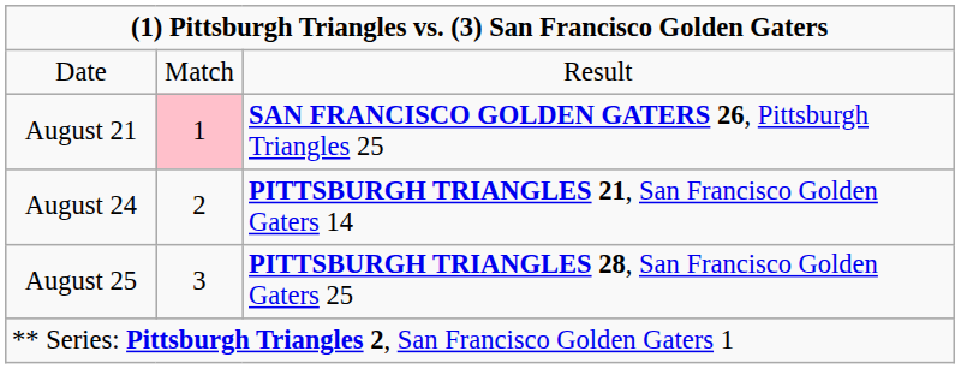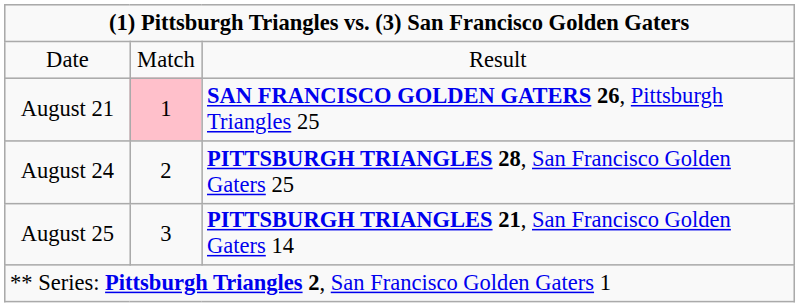 <table class="wikitable" style="font-size:92%; text-align:left; line-height:normal; width=50%">
 <tr>
 <td style="text-align:center;" colspan=3><strong>(1) Pittsburgh Triangles vs. (3) San Francisco Golden Gaters</strong></td>
 </tr>
 <tr>
 <td style="text-align:center; width:75px">Date</td>
 <td style="text-align:center; width:40px">Match</td>
 <td style="text-align:center; width:380px">Result</td>
 </tr>
 <tr>
 <td style="text-align:center;">August 21</td>
 <td style="background: pink; text-align:center;">1</td>
 <td><strong><a href='#'>SAN FRANCISCO GOLDEN GATERS</a> 26</strong>, <a href='#'>Pittsburgh Triangles</a> 25</td>
 </tr>
 <tr>
 <td style="text-align:center;">August 24</td>
 <td style="text-align:center;">2</td>
-<td><strong><a href='#'>PITTSBURGH TRIANGLES</a> 21</strong>, <a href='#'>San Francisco Golden Gaters</a> 14</td>
+<td><strong><a href='#'>PITTSBURGH TRIANGLES</a> 28</strong>, <a href='#'>San Francisco Golden Gaters</a> 25</td>
 </tr>
 <tr>
 <td style="text-align:center;">August 25</td>
 <td style="text-align:center;">3</td>
-<td><strong><a href='#'>PITTSBURGH TRIANGLES</a> 28</strong>, <a href='#'>San Francisco Golden Gaters</a> 25</td>
+<td><strong><a href='#'>PITTSBURGH TRIANGLES</a> 21</strong>, <a href='#'>San Francisco Golden Gaters</a> 14</td>
 </tr>
 <tr>
 <td style="text-align:left;" colspan=3>** Series: <strong><a href='#'>Pittsburgh Triangles</a> 2</strong>, <a href='#'>San Francisco Golden Gaters</a> 1</td>
 </tr>
 </table>
